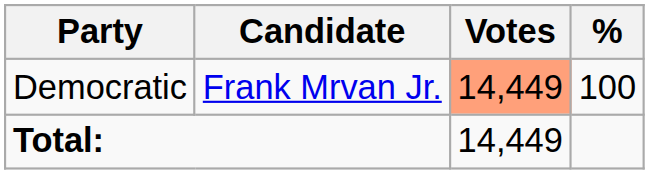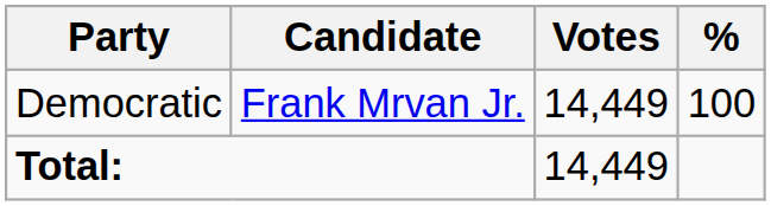 <table class="wikitable">
 <tr>
 <th>Party</th>
 <th>Candidate</th>
 <th>Votes</th>
 <th>%</th>
 </tr>
 <tr>
 <td>Democratic</td>
 <td><a href='#'>Frank Mrvan Jr.</a></td>
-<td style="background: lightsalmon;">14,449</td>
+<td>14,449</td>
 <td>100</td>
 </tr>
 <tr>
 <td colspan="2"><strong>Total:</strong></td>
 <td>14,449</td>
 <td></td>
 </tr>
 </table>
